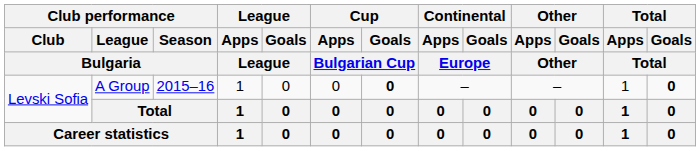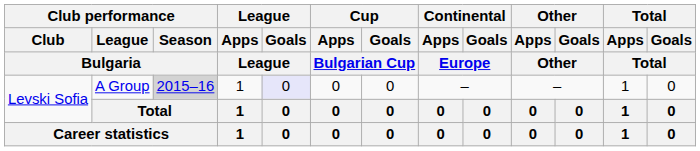 <table class="wikitable" style="text-align: center">
 <tr>
 <th Colspan="3">Club performance</th>
 <th Colspan="2">League</th>
 <th Colspan="2">Cup</th>
 <th Colspan="2">Continental</th>
 <th Colspan="2">Other</th>
 <th Colspan="3">Total</th>
 </tr>
 <tr>
 <th>Club</th>
 <th>League</th>
 <th>Season</th>
 <th>Apps</th>
 <th>Goals</th>
 <th>Apps</th>
 <th>Goals</th>
 <th>Apps</th>
 <th>Goals</th>
 <th>Apps</th>
 <th>Goals</th>
 <th>Apps</th>
 <th>Goals</th>
 </tr>
 <tr>
 <th Colspan="3">Bulgaria</th>
 <th Colspan="2">League</th>
 <th Colspan="2"><a href='#'>Bulgarian Cup</a></th>
 <th Colspan="2"><a href='#'>Europe</a></th>
 <th Colspan="2">Other</th>
 <th Colspan="2">Total</th>
 </tr>
 <tr>
 <td rowspan="2"><a href='#'>Levski Sofia</a></td>
 <td rowspan="1"><a href='#'>A Group</a></td>
-<td><a href='#'>2015–16</a></td>
+<td style="background: lightgrey;"><a href='#'>2015–16</a></td>
 <td>1</td>
+<td style="background: lavender;">0</td>
 <td>0</td>
 <td>0</td>
-<td><strong>0</strong></td>
 <td colspan="2">–</td>
 <td colspan="2">–</td>
 <td>1</td>
-<td><strong>0</strong></td>
+<td>0</td>
 </tr>
 <tr>
 <th colspan=2>Total</th>
 <th>1</th>
 <th>0</th>
 <th>0</th>
 <th>0</th>
 <th>0</th>
 <th>0</th>
 <th>0</th>
 <th>0</th>
 <th>1</th>
 <th>0</th>
 </tr>
 <tr>
 <th colspan="3">Career statistics</th>
 <th>1</th>
 <th>0</th>
 <th>0</th>
 <th>0</th>
 <th>0</th>
 <th>0</th>
 <th>0</th>
 <th>0</th>
 <th>1</th>
 <th>0</th>
 </tr>
 </table>
